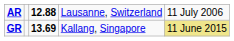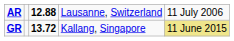 <table class="wikitable" style="font-size:95%; position:relative;">
 <tr>
 <td align=center><strong><a href='#'>AR</a></strong></td>
 <td></td>
 <td><strong>12.88</strong></td>
 <td><a href='#'>Lausanne</a>, <a href='#'>Switzerland</a></td>
 <td>11 July 2006</td>
 </tr>
 <tr>
 <td align=center><strong><a href='#'>GR</a></strong></td>
 <td></td>
-<td><strong>13.69</strong></td>
+<td><strong>13.72</strong></td>
 <td><a href='#'>Kallang</a>, <a href='#'>Singapore</a></td>
 <td style="background: khaki;">11 June 2015</td>
 </tr>
 </table>
